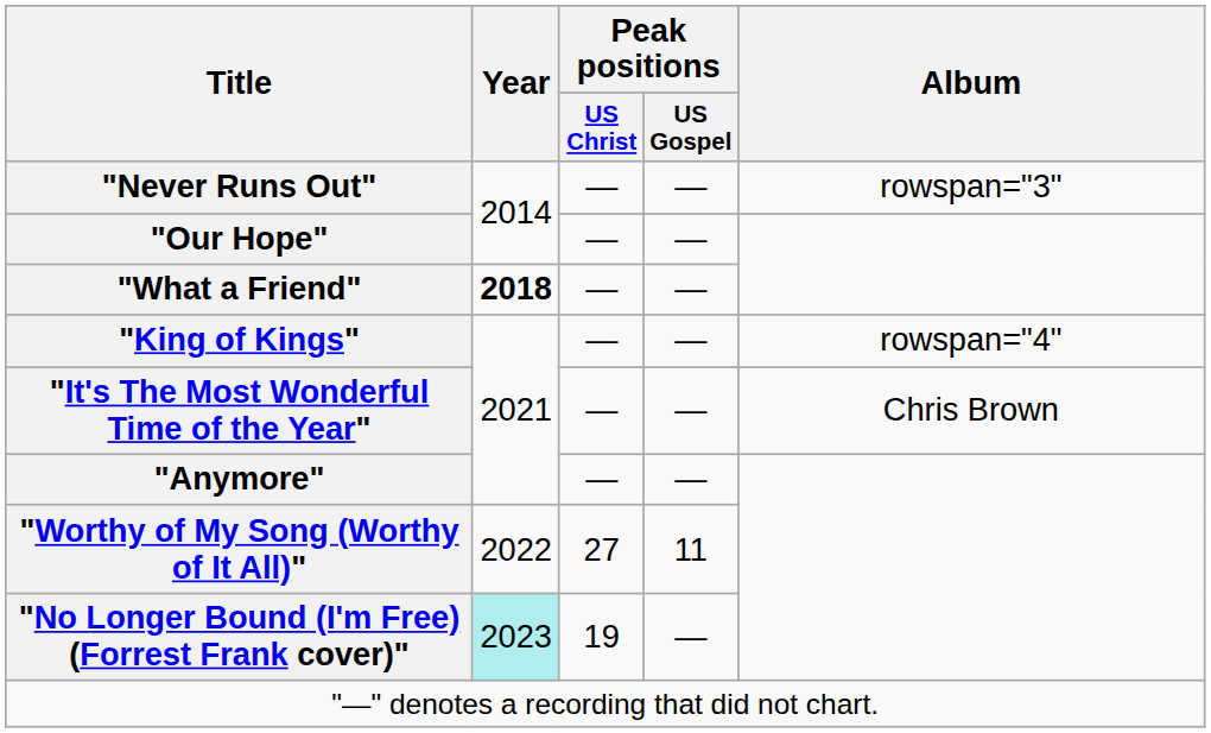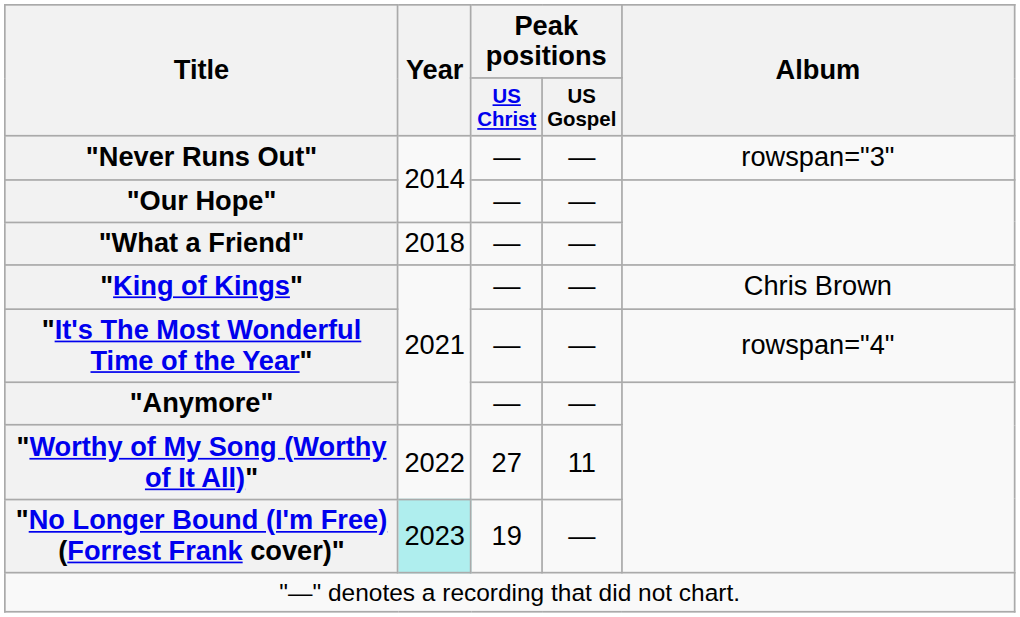 <table class="wikitable plainrowheaders" style="text-align:center;">
 <tr>
 <th rowspan="2" style="width:14em;">Title</th>
 <th rowspan="2">Year</th>
 <th colspan="2">Peak<br>positions</th>
 <th rowspan="2" style="width:14em;">Album</th>
 </tr>
 <tr style="font-size:smaller;">
 <th scope="col" style="width:3em;font-size:90%;"><a href='#'>US<br>Christ</a></th>
 <th scope="col" style="width:3em;font-size:90%;">US<br>Gospel</th>
 </tr>
 <tr>
 <th scope="row">"Never Runs Out"</th>
 <td rowspan="2">2014</td>
 <td>—</td>
 <td>—</td>
 <td>rowspan="3" </td>
 </tr>
 <tr>
 <th scope="row">"Our Hope"</th>
 <td>—</td>
 <td>—</td>
 </tr>
 <tr>
 <th scope="row">"What a Friend"</th>
-<td><strong>2018</strong></td>
+<td>2018</td>
 <td>—</td>
 <td>—</td>
 </tr>
 <tr>
 <th scope="row">"<a href='#'>King of Kings</a>"<br></th>
 <td rowspan="3">2021</td>
 <td>—</td>
 <td>—</td>
-<td>rowspan="4" </td>
+<td>Chris Brown</td>
 </tr>
 <tr>
 <th scope="row">"<a href='#'>It's The Most Wonderful Time of the Year</a>"</th>
 <td>—</td>
 <td>—</td>
-<td>Chris Brown</td>
+<td>rowspan="4" </td>
 </tr>
 <tr>
 <th scope="row">"Anymore"<br></th>
 <td>—</td>
 <td>—</td>
 </tr>
 <tr>
 <th scope="row">"<a href='#'>Worthy of My Song (Worthy of It All)</a>"<br></th>
 <td>2022</td>
 <td>27<br></td>
 <td>11<br></td>
 </tr>
 <tr>
 <th scope="row">"<a href='#'>No Longer Bound (I'm Free)</a> (<a href='#'>Forrest Frank</a> cover)"<br></th>
 <td style="background: paleturquoise;">2023</td>
 <td>19</td>
 <td>—</td>
 </tr>
 <tr>
 <td colspan="5" style="font-size:90%">"—" denotes a recording that did not chart.</td>
 </tr>
 </table>
